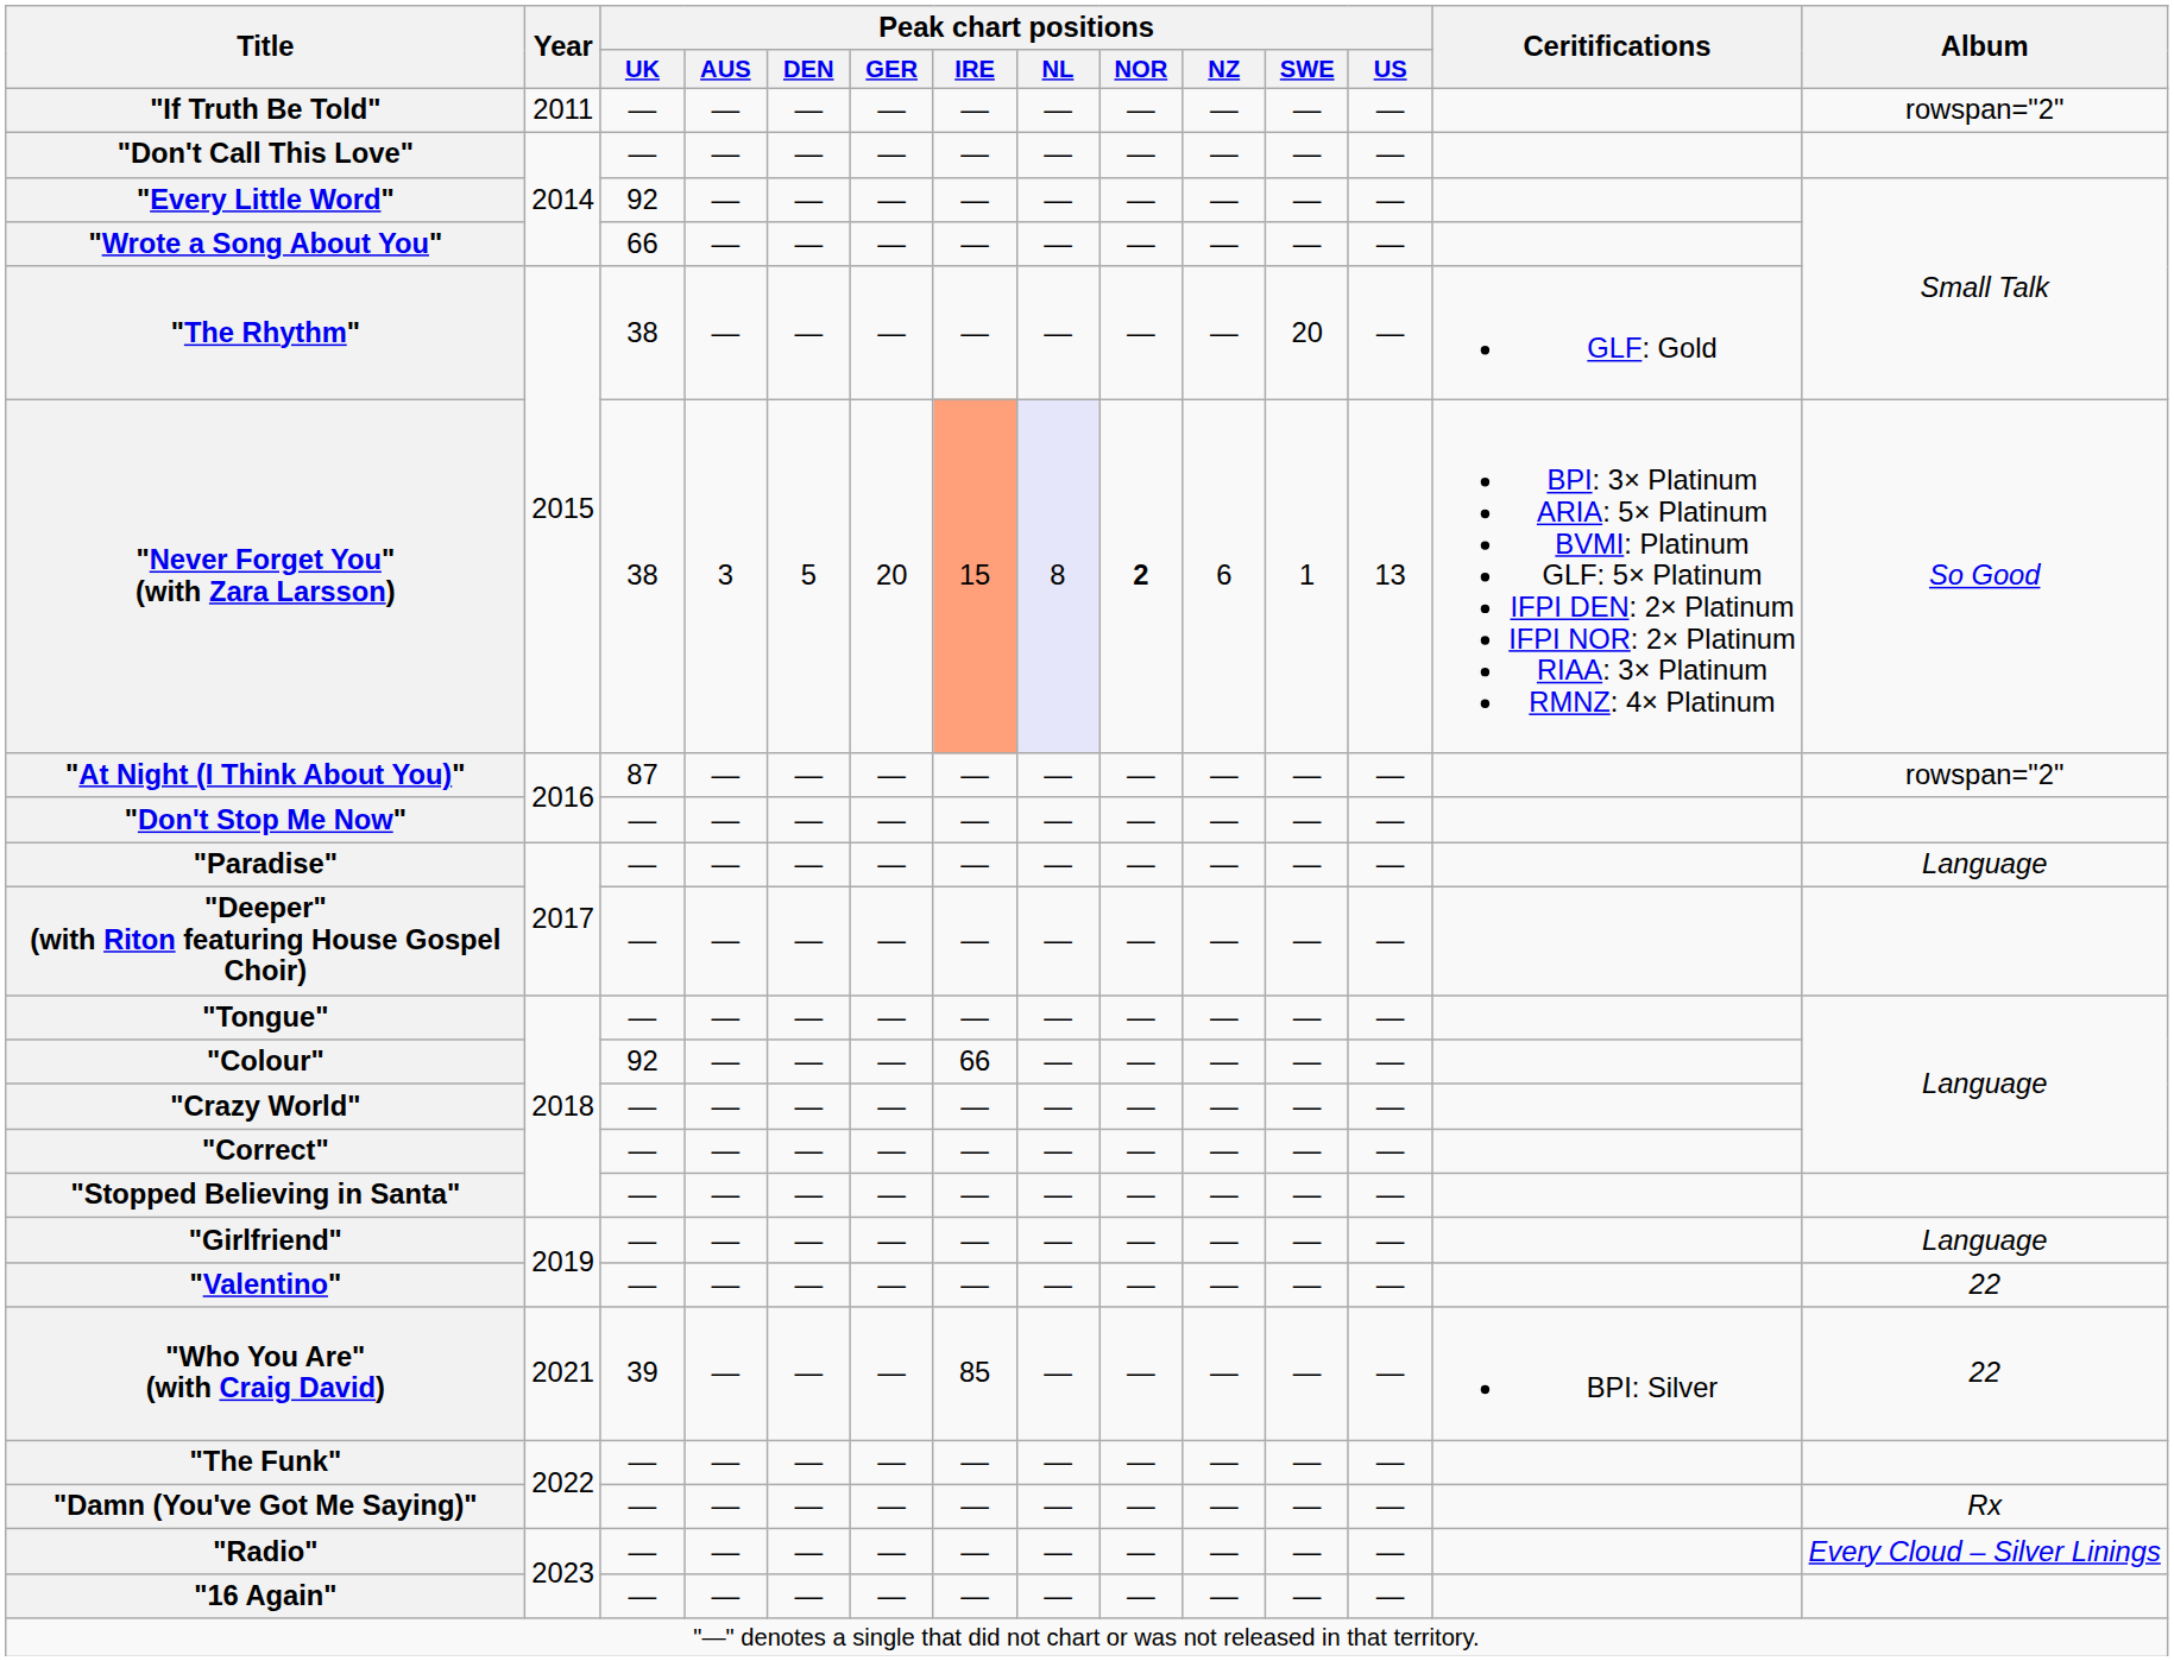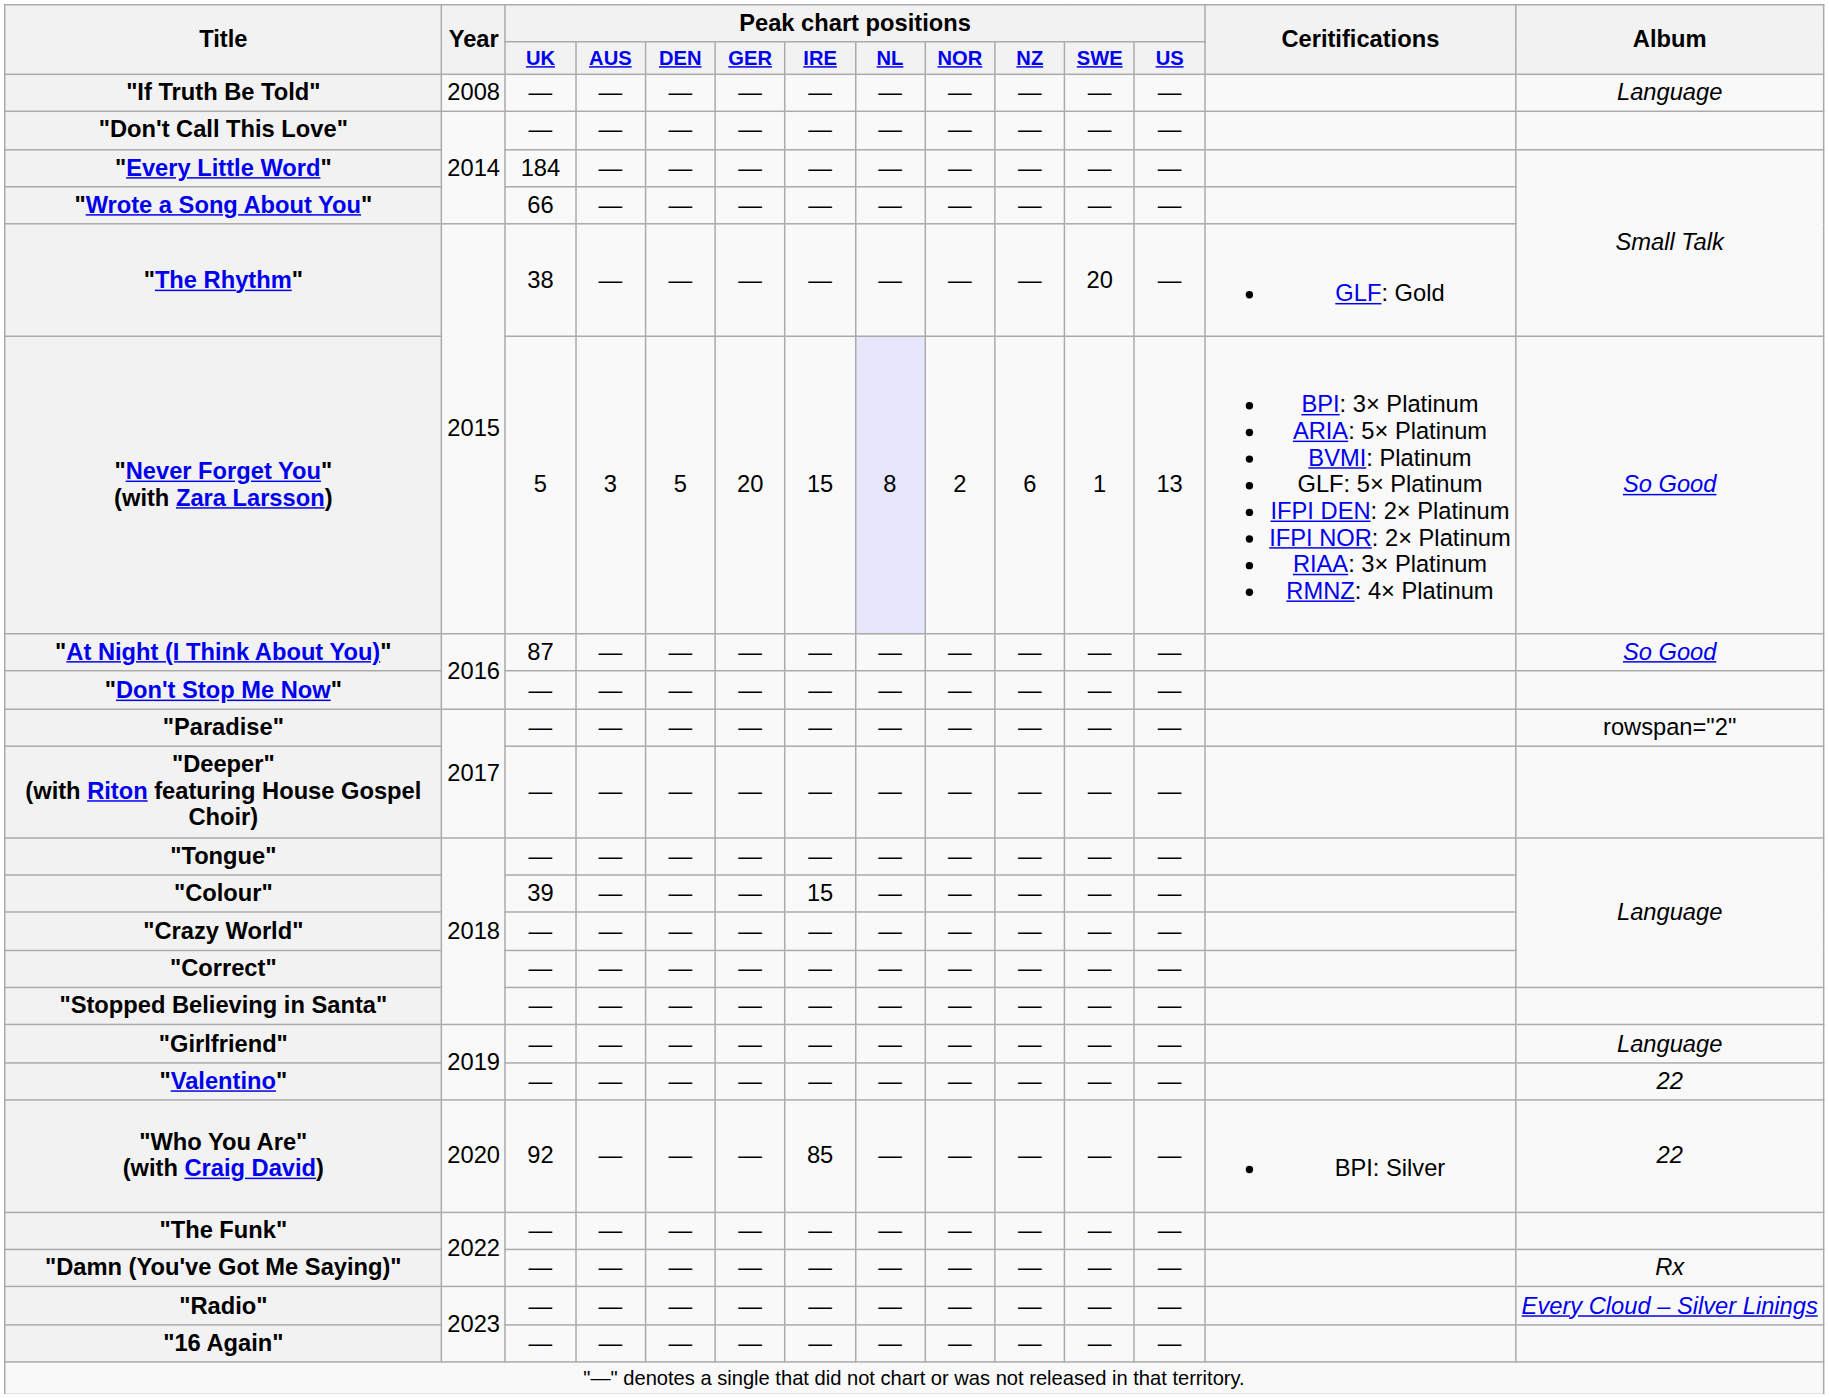 <table class="wikitable plainrowheaders" style="text-align:center;">
 <tr>
 <th scope="col" rowspan="2" style="width:18em;">Title</th>
 <th scope="col" rowspan="2" style="width:1em;">Year</th>
 <th scope="col" colspan="10">Peak chart positions</th>
 <th scope="col" rowspan="2">Ceritifications</th>
 <th scope="col" rowspan="2">Album</th>
 </tr>
 <tr>
 <th scope="col" style="width:3em;font-size:85%;"><a href='#'>UK</a><br></th>
 <th scope="col" style="width:3em;font-size:85%;"><a href='#'>AUS</a><br></th>
 <th scope="col" style="width:3em;font-size:85%;"><a href='#'>DEN</a><br></th>
 <th scope="col" style="width:3em;font-size:85%;"><a href='#'>GER</a><br></th>
 <th scope="col" style="width:3em;font-size:85%;"><a href='#'>IRE</a><br></th>
 <th scope="col" style="width:3em;font-size:85%;"><a href='#'>NL</a><br></th>
 <th scope="col" style="width:3em;font-size:85%;"><a href='#'>NOR</a><br></th>
 <th scope="col" style="width:3em;font-size:85%;"><a href='#'>NZ</a><br></th>
 <th scope="col" style="width:3em;font-size:85%;"><a href='#'>SWE</a><br></th>
 <th scope="col" style="width:3em;font-size:85%;"><a href='#'>US</a><br></th>
 </tr>
 <tr>
 <th scope="row">"If Truth Be Told"</th>
-<td>2011</td>
+<td>2008</td>
 <td>—</td>
 <td>—</td>
 <td>—</td>
 <td>—</td>
 <td>—</td>
 <td>—</td>
 <td>—</td>
 <td>—</td>
 <td>—</td>
 <td>—</td>
 <td></td>
-<td>rowspan="2" </td>
+<td><em>Language</em></td>
 </tr>
 <tr>
 <th scope="row">"Don't Call This Love"</th>
 <td rowspan="3">2014</td>
 <td>—</td>
 <td>—</td>
 <td>—</td>
 <td>—</td>
 <td>—</td>
 <td>—</td>
 <td>—</td>
 <td>—</td>
 <td>—</td>
 <td>—</td>
 <td></td>
 </tr>
 <tr>
 <th scope="row">"<a href='#'>Every Little Word</a>"</th>
-<td>92</td>
+<td>184</td>
 <td>—</td>
 <td>—</td>
 <td>—</td>
 <td>—</td>
 <td>—</td>
 <td>—</td>
 <td>—</td>
 <td>—</td>
 <td>—</td>
 <td></td>
 <td rowspan="3"><em>Small Talk</em></td>
 </tr>
 <tr>
 <th scope="row">"<a href='#'>Wrote a Song About You</a>"</th>
 <td>66</td>
 <td>—</td>
 <td>—</td>
 <td>—</td>
 <td>—</td>
 <td>—</td>
 <td>—</td>
 <td>—</td>
 <td>—</td>
 <td>—</td>
 <td></td>
 </tr>
 <tr>
 <th scope="row">"<a href='#'>The Rhythm</a>"</th>
 <td rowspan="2">2015</td>
 <td>38</td>
 <td>—</td>
 <td>—</td>
 <td>—</td>
 <td>—</td>
 <td>—</td>
 <td>—</td>
 <td>—</td>
 <td>20</td>
 <td>—</td>
 <td><br><ul><li><a href='#'>GLF</a>: Gold</li></ul></td>
 </tr>
 <tr>
 <th scope="row">"<a href='#'>Never Forget You</a>"<br><span>(with <a href='#'>Zara Larsson</a>)</span></th>
-<td>38</td>
+<td>5</td>
 <td>3</td>
 <td>5</td>
 <td>20</td>
-<td style="background: lightsalmon;">15</td>
+<td>15</td>
 <td style="background: lavender;">8</td>
-<td><strong>2</strong></td>
+<td>2</td>
 <td>6</td>
 <td>1</td>
 <td>13</td>
 <td><br><ul><li><a href='#'>BPI</a>: 3× Platinum</li><li><a href='#'>ARIA</a>: 5× Platinum</li><li><a href='#'>BVMI</a>: Platinum</li><li>GLF: 5× Platinum</li><li><a href='#'>IFPI DEN</a>: 2× Platinum</li><li><a href='#'>IFPI NOR</a>: 2× Platinum</li><li><a href='#'>RIAA</a>: 3× Platinum</li><li><a href='#'>RMNZ</a>: 4× Platinum</li></ul></td>
 <td><em><a href='#'>So Good</a></em></td>
 </tr>
 <tr>
 <th scope="row">"<a href='#'>At Night (I Think About You)</a>"</th>
 <td rowspan="2">2016</td>
 <td>87</td>
 <td>—</td>
 <td>—</td>
 <td>—</td>
 <td>—</td>
 <td>—</td>
 <td>—</td>
 <td>—</td>
 <td>—</td>
 <td>—</td>
 <td></td>
-<td>rowspan="2" </td>
+<td><em><a href='#'>So Good</a></em></td>
 </tr>
 <tr>
 <th scope="row">"<a href='#'>Don't Stop Me Now</a>"</th>
 <td>—</td>
 <td>—</td>
 <td>—</td>
 <td>—</td>
 <td>—</td>
 <td>—</td>
 <td>—</td>
 <td>—</td>
 <td>—</td>
 <td>—</td>
 <td></td>
 </tr>
 <tr>
 <th scope="row">"Paradise"</th>
 <td rowspan="2">2017</td>
 <td>—</td>
 <td>—</td>
 <td>—</td>
 <td>—</td>
 <td>—</td>
 <td>—</td>
 <td>—</td>
 <td>—</td>
 <td>—</td>
 <td>—</td>
 <td></td>
-<td><em>Language</em></td>
+<td>rowspan="2" </td>
 </tr>
 <tr>
 <th scope="row">"Deeper"<br><span>(with <a href='#'>Riton</a> featuring House Gospel Choir)</span></th>
 <td>—</td>
 <td>—</td>
 <td>—</td>
 <td>—</td>
 <td>—</td>
 <td>—</td>
 <td>—</td>
 <td>—</td>
 <td>—</td>
 <td>—</td>
 <td></td>
 <td></td>
 </tr>
 <tr>
 <th scope="row">"Tongue"</th>
 <td rowspan="5">2018</td>
 <td>—</td>
 <td>—</td>
 <td>—</td>
 <td>—</td>
 <td>—</td>
 <td>—</td>
 <td>—</td>
 <td>—</td>
 <td>—</td>
 <td>—</td>
 <td></td>
 <td rowspan="4"><em>Language</em></td>
 </tr>
 <tr>
 <th scope="row">"Colour"<br></th>
-<td>92</td>
+<td>39</td>
 <td>—</td>
 <td>—</td>
 <td>—</td>
-<td>66</td>
+<td>15</td>
 <td>—</td>
 <td>—</td>
 <td>—</td>
 <td>—</td>
 <td>—</td>
 <td></td>
 </tr>
 <tr>
 <th scope="row">"Crazy World"</th>
 <td>—</td>
 <td>—</td>
 <td>—</td>
 <td>—</td>
 <td>—</td>
 <td>—</td>
 <td>—</td>
 <td>—</td>
 <td>—</td>
 <td>—</td>
 <td></td>
 </tr>
 <tr>
 <th scope="row">"Correct"</th>
 <td>—</td>
 <td>—</td>
 <td>—</td>
 <td>—</td>
 <td>—</td>
 <td>—</td>
 <td>—</td>
 <td>—</td>
 <td>—</td>
 <td>—</td>
 <td></td>
 </tr>
 <tr>
 <th scope="row">"Stopped Believing in Santa"</th>
 <td>—</td>
 <td>—</td>
 <td>—</td>
 <td>—</td>
 <td>—</td>
 <td>—</td>
 <td>—</td>
 <td>—</td>
 <td>—</td>
 <td>—</td>
 <td></td>
 <td></td>
 </tr>
 <tr>
 <th scope="row">"Girlfriend"</th>
 <td rowspan="2">2019</td>
 <td>—</td>
 <td>—</td>
 <td>—</td>
 <td>—</td>
 <td>—</td>
 <td>—</td>
 <td>—</td>
 <td>—</td>
 <td>—</td>
 <td>—</td>
 <td></td>
 <td><em>Language</em></td>
 </tr>
 <tr>
 <th scope="row">"<a href='#'>Valentino</a>"<br></th>
 <td>—</td>
 <td>—</td>
 <td>—</td>
 <td>—</td>
 <td>—</td>
 <td>—</td>
 <td>—</td>
 <td>—</td>
 <td>—</td>
 <td>—</td>
 <td></td>
 <td><em>22</em></td>
 </tr>
 <tr>
 <th scope="row">"Who You Are"<br><span>(with <a href='#'>Craig David</a>)</span></th>
-<td>2021</td>
-<td>39</td>
+<td>2020</td>
+<td>92</td>
 <td>—</td>
 <td>—</td>
 <td>—</td>
 <td>85<br></td>
 <td>—</td>
 <td>—</td>
 <td>—</td>
 <td>—</td>
 <td>—</td>
 <td><br><ul><li>BPI: Silver</li></ul></td>
 <td><em>22</em></td>
 </tr>
 <tr>
 <th scope="row">"The Funk"<br></th>
 <td rowspan="2">2022</td>
 <td>—</td>
 <td>—</td>
 <td>—</td>
 <td>—</td>
 <td>—</td>
 <td>—</td>
 <td>—</td>
 <td>—</td>
 <td>—</td>
 <td>—</td>
 <td></td>
 <td></td>
 </tr>
 <tr>
 <th scope="row">"Damn (You've Got Me Saying)"<br></th>
 <td>—</td>
 <td>—</td>
 <td>—</td>
 <td>—</td>
 <td>—</td>
 <td>—</td>
 <td>—</td>
 <td>—</td>
 <td>—</td>
 <td>—</td>
 <td></td>
 <td><em>Rx</em></td>
 </tr>
 <tr>
 <th scope="row">"Radio"<br></th>
 <td rowspan="2">2023</td>
 <td>—</td>
 <td>—</td>
 <td>—</td>
 <td>—</td>
 <td>—</td>
 <td>—</td>
 <td>—</td>
 <td>—</td>
 <td>—</td>
 <td>—</td>
 <td></td>
 <td><em><a href='#'>Every Cloud – Silver Linings</a></em></td>
 </tr>
 <tr>
 <th scope="row">"16 Again"<br></th>
 <td>—</td>
 <td>—</td>
 <td>—</td>
 <td>—</td>
 <td>—</td>
 <td>—</td>
 <td>—</td>
 <td>—</td>
 <td>—</td>
 <td>—</td>
 <td></td>
 <td></td>
 </tr>
 <tr>
 <td colspan="18" style=font-size:85% align="center">"—" denotes a single that did not chart or was not released in that territory.</td>
 </tr>
 </table>
